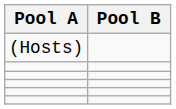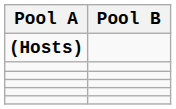 <table class="wikitable">
 <tr>
 <th width=50%>Pool A</th>
 <th width=50%>Pool B</th>
 </tr>
 <tr>
-<td> (Hosts)</td>
+<td><strong> (Hosts)</strong></td>
 <td></td>
 </tr>
 <tr>
 <td></td>
 <td></td>
 </tr>
 <tr>
 <td></td>
 <td></td>
 </tr>
 <tr>
 <td></td>
 <td></td>
 </tr>
 <tr>
 <td></td>
 <td></td>
 </tr>
 <tr>
 <td></td>
 <td></td>
 </tr>
 </table>
